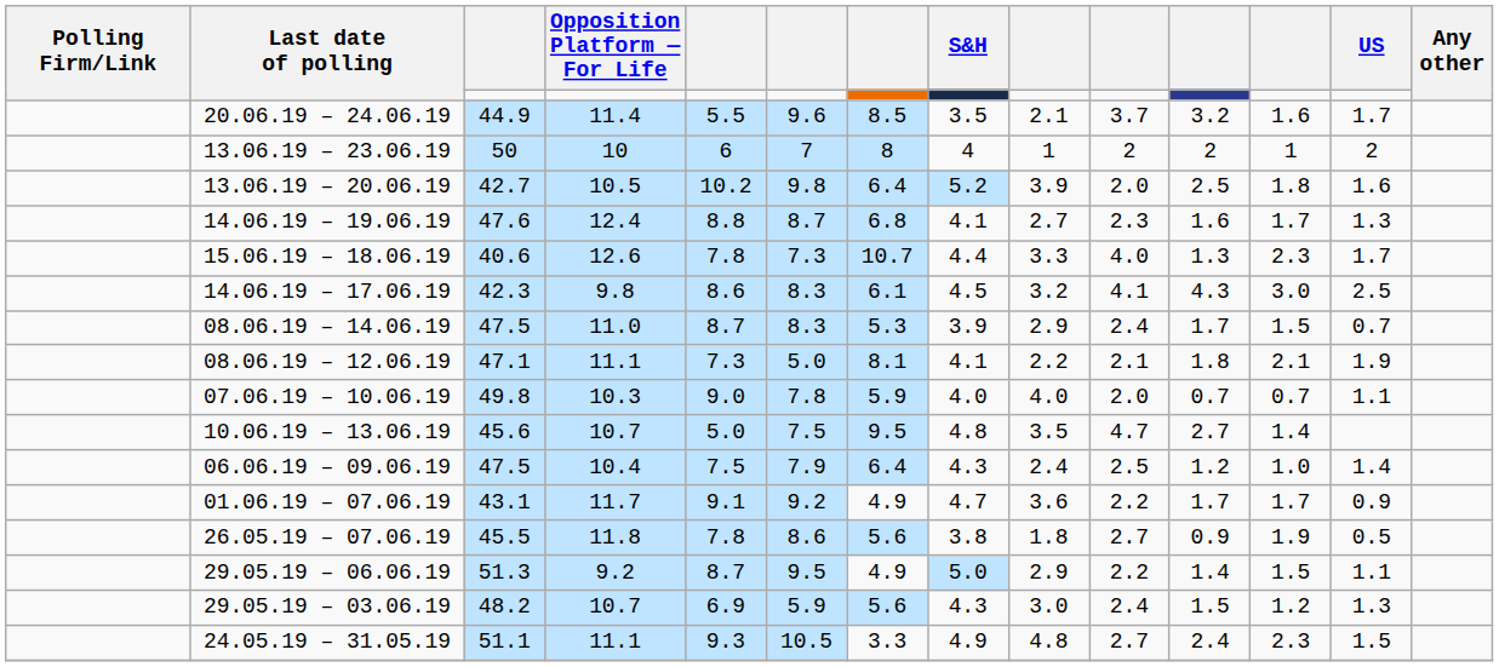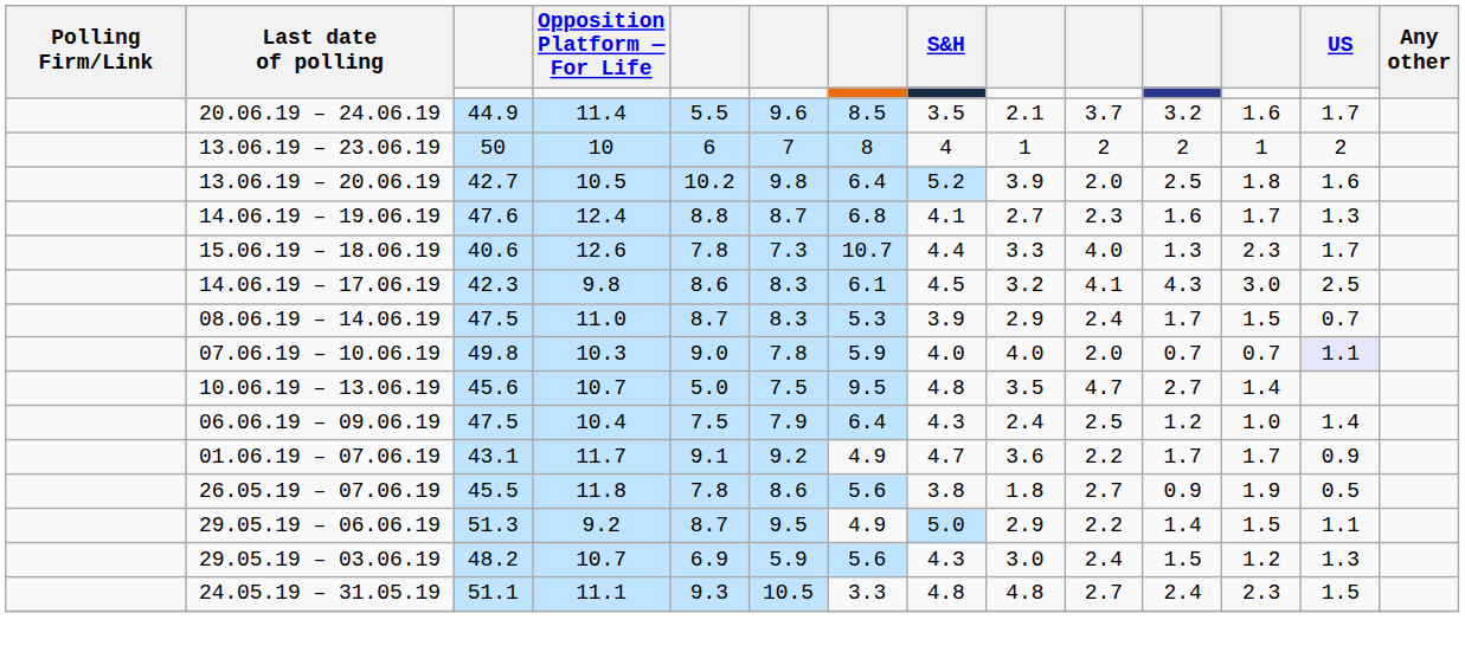 <table class="wikitable" style="text-align:center;font-size:95%;line-height:14px;">
 <tr style="height:40px; background-color:#E9E9E9">
 <th style="width:99px;" rowspan=2>Polling Firm/Link</th>
 <th style="width:150px;" rowspan=2>Last date<br>of polling</th>
 <th style="width:40px;"></th>
 <th style="width:40px;"><a href='#'>Opposition Platform — For Life</a></th>
 <th style="width:40px;"></th>
 <th style="width:40px;"></th>
 <th style="width:40px;"></th>
 <th style="width:40px;"><a href='#'>S&H</a></th>
 <th style="width:40px;"></th>
 <th style="width:40px;"></th>
 <th style="width:40px;"></th>
 <th style="width:40px;"></th>
 <th style="width:40px;"><a href='#'>US</a></th>
 <th style="width:40px;" rowspan=2>Any other</th>
 </tr>
 <tr>
 <td style="background:"></td>
 <td style="background:"></td>
 <td style="background:"></td>
 <td style="background:"></td>
 <td style="background:#ED6C00" ></td>
 <td style="background:#172A47"  ></td>
 <td style="background:"></td>
 <td style="background:"></td>
 <td style="background:#29388B" ></td>
 <td style="background:"></td>
 <td style="background:"></td>
 </tr>
 <tr>
 <td></td>
 <td>20.06.19 – 24.06.19</td>
 <td bgcolor="#bfe4ff" >44.9</td>
 <td bgcolor="#bfe4ff" >11.4</td>
 <td bgcolor="#bfe4ff" >5.5</td>
 <td bgcolor="#bfe4ff" >9.6</td>
 <td bgcolor="#bfe4ff" >8.5</td>
 <td>3.5</td>
 <td>2.1</td>
 <td>3.7</td>
 <td>3.2</td>
 <td>1.6</td>
 <td>1.7</td>
 <td></td>
 </tr>
 <tr>
 <td></td>
 <td>13.06.19 – 23.06.19</td>
 <td bgcolor="#bfe4ff" >50</td>
 <td bgcolor="#bfe4ff" >10</td>
 <td bgcolor="#bfe4ff" >6</td>
 <td bgcolor="#bfe4ff" >7</td>
 <td bgcolor="#bfe4ff" >8</td>
 <td>4</td>
 <td>1</td>
 <td>2</td>
 <td>2</td>
 <td>1</td>
 <td>2</td>
 <td></td>
 </tr>
 <tr>
 <td></td>
 <td>13.06.19 – 20.06.19</td>
 <td bgcolor="#bfe4ff" >42.7</td>
 <td bgcolor="#bfe4ff" >10.5</td>
 <td bgcolor="#bfe4ff" >10.2</td>
 <td bgcolor="#bfe4ff" >9.8</td>
 <td bgcolor="#bfe4ff" >6.4</td>
 <td bgcolor="#bfe4ff" >5.2</td>
 <td>3.9</td>
 <td>2.0</td>
 <td>2.5</td>
 <td>1.8</td>
 <td>1.6</td>
 <td></td>
 </tr>
 <tr>
 <td></td>
 <td>14.06.19 – 19.06.19</td>
 <td bgcolor="#bfe4ff" >47.6</td>
 <td bgcolor="#bfe4ff" >12.4</td>
 <td bgcolor="#bfe4ff" >8.8</td>
 <td bgcolor="#bfe4ff" >8.7</td>
 <td bgcolor="#bfe4ff" >6.8</td>
 <td>4.1</td>
 <td>2.7</td>
 <td>2.3</td>
 <td>1.6</td>
 <td>1.7</td>
 <td>1.3</td>
 <td></td>
 </tr>
 <tr>
 <td></td>
 <td>15.06.19 – 18.06.19</td>
 <td bgcolor="#bfe4ff" >40.6</td>
 <td bgcolor="#bfe4ff" >12.6</td>
 <td bgcolor="#bfe4ff" >7.8</td>
 <td bgcolor="#bfe4ff" >7.3</td>
 <td bgcolor="#bfe4ff" >10.7</td>
 <td>4.4</td>
 <td>3.3</td>
 <td>4.0</td>
 <td>1.3</td>
 <td>2.3</td>
 <td>1.7</td>
 <td></td>
 </tr>
 <tr>
 <td></td>
 <td>14.06.19 – 17.06.19</td>
 <td bgcolor="#bfe4ff" >42.3</td>
 <td bgcolor="#bfe4ff" >9.8</td>
 <td bgcolor="#bfe4ff" >8.6</td>
 <td bgcolor="#bfe4ff" >8.3</td>
 <td bgcolor="#bfe4ff" >6.1</td>
 <td>4.5</td>
 <td>3.2</td>
 <td>4.1</td>
 <td>4.3</td>
 <td>3.0</td>
 <td>2.5</td>
 <td></td>
 </tr>
 <tr>
 <td> </td>
 <td>08.06.19 – 14.06.19</td>
 <td bgcolor="#bfe4ff" >47.5</td>
 <td bgcolor="#bfe4ff" >11.0</td>
 <td bgcolor="#bfe4ff" >8.7</td>
 <td bgcolor="#bfe4ff" >8.3</td>
 <td bgcolor="#bfe4ff" >5.3</td>
 <td>3.9</td>
 <td>2.9</td>
 <td>2.4</td>
 <td>1.7</td>
 <td>1.5</td>
 <td>0.7</td>
 <td></td>
 </tr>
 <tr>
 <td></td>
-<td>08.06.19 – 12.06.19</td>
-<td bgcolor="#bfe4ff" >47.1</td>
-<td bgcolor="#bfe4ff" >11.1</td>
-<td bgcolor="#bfe4ff" >7.3</td>
-<td bgcolor="#bfe4ff" >5.0</td>
-<td bgcolor="#bfe4ff" >8.1</td>
-<td>4.1</td>
-<td>2.2</td>
-<td>2.1</td>
-<td>1.8</td>
-<td>2.1</td>
-<td>1.9</td>
-<td></td>
-</tr>
-<tr>
-<td></td>
 <td>07.06.19 – 10.06.19</td>
 <td bgcolor="#bfe4ff" >49.8</td>
 <td bgcolor="#bfe4ff" >10.3</td>
 <td bgcolor="#bfe4ff" >9.0</td>
 <td bgcolor="#bfe4ff" >7.8</td>
 <td bgcolor="#bfe4ff" >5.9</td>
 <td>4.0</td>
 <td>4.0</td>
 <td>2.0</td>
 <td>0.7</td>
 <td>0.7</td>
-<td>1.1</td>
+<td style="background: lavender;">1.1</td>
 <td></td>
 </tr>
 <tr>
 <td></td>
 <td>10.06.19 – 13.06.19</td>
 <td bgcolor="#bfe4ff" >45.6</td>
 <td bgcolor="#bfe4ff" >10.7</td>
 <td bgcolor="#bfe4ff" >5.0</td>
 <td bgcolor="#bfe4ff" >7.5</td>
 <td bgcolor="#bfe4ff" >9.5</td>
 <td>4.8</td>
 <td>3.5</td>
 <td>4.7</td>
 <td>2.7</td>
 <td>1.4</td>
 <td></td>
 <td></td>
 </tr>
 <tr>
 <td></td>
 <td>06.06.19 – 09.06.19</td>
 <td bgcolor="#bfe4ff" >47.5</td>
 <td bgcolor="#bfe4ff" >10.4</td>
 <td bgcolor="#bfe4ff" >7.5</td>
 <td bgcolor="#bfe4ff" >7.9</td>
 <td bgcolor="#bfe4ff" >6.4</td>
 <td>4.3</td>
 <td>2.4</td>
 <td>2.5</td>
 <td>1.2</td>
 <td>1.0</td>
 <td>1.4</td>
 <td></td>
 </tr>
 <tr>
 <td></td>
 <td>01.06.19 – 07.06.19</td>
 <td bgcolor="#bfe4ff" >43.1</td>
 <td bgcolor="#bfe4ff" >11.7</td>
 <td bgcolor="#bfe4ff" >9.1</td>
 <td bgcolor="#bfe4ff" >9.2</td>
 <td>4.9</td>
 <td>4.7</td>
 <td>3.6</td>
 <td>2.2</td>
 <td>1.7</td>
 <td>1.7</td>
 <td>0.9</td>
 <td></td>
 </tr>
 <tr>
 <td></td>
 <td>26.05.19 – 07.06.19</td>
 <td bgcolor="#bfe4ff" >45.5</td>
 <td bgcolor="#bfe4ff" >11.8</td>
 <td bgcolor="#bfe4ff" >7.8</td>
 <td bgcolor="#bfe4ff" >8.6</td>
 <td bgcolor="#bfe4ff" >5.6</td>
 <td>3.8</td>
 <td>1.8</td>
 <td>2.7</td>
 <td>0.9</td>
 <td>1.9</td>
 <td>0.5</td>
 <td></td>
 </tr>
 <tr>
 <td></td>
 <td>29.05.19 – 06.06.19</td>
 <td bgcolor="#bfe4ff" >51.3</td>
 <td bgcolor="#bfe4ff" >9.2</td>
 <td bgcolor="#bfe4ff" >8.7</td>
 <td bgcolor="#bfe4ff" >9.5</td>
 <td>4.9</td>
 <td bgcolor="#bfe4ff" >5.0</td>
 <td>2.9</td>
 <td>2.2</td>
 <td>1.4</td>
 <td>1.5</td>
 <td>1.1</td>
 <td></td>
 </tr>
 <tr>
 <td></td>
 <td>29.05.19 – 03.06.19</td>
 <td bgcolor="#bfe4ff" >48.2</td>
 <td bgcolor="#bfe4ff" >10.7</td>
 <td bgcolor="#bfe4ff" >6.9</td>
 <td bgcolor="#bfe4ff" >5.9</td>
 <td bgcolor="#bfe4ff" >5.6</td>
 <td>4.3</td>
 <td>3.0</td>
 <td>2.4</td>
 <td>1.5</td>
 <td>1.2</td>
 <td>1.3</td>
 <td></td>
 </tr>
 <tr>
 <td></td>
 <td>24.05.19 – 31.05.19</td>
 <td bgcolor="#bfe4ff" >51.1</td>
 <td bgcolor="#bfe4ff" >11.1</td>
 <td bgcolor="#bfe4ff" >9.3</td>
 <td bgcolor="#bfe4ff" >10.5</td>
 <td>3.3</td>
-<td>4.9</td>
+<td>4.8</td>
 <td>4.8</td>
 <td>2.7</td>
 <td>2.4</td>
 <td>2.3</td>
 <td>1.5</td>
 <td></td>
 </tr>
 <tr>
 </tr>
 </table>
